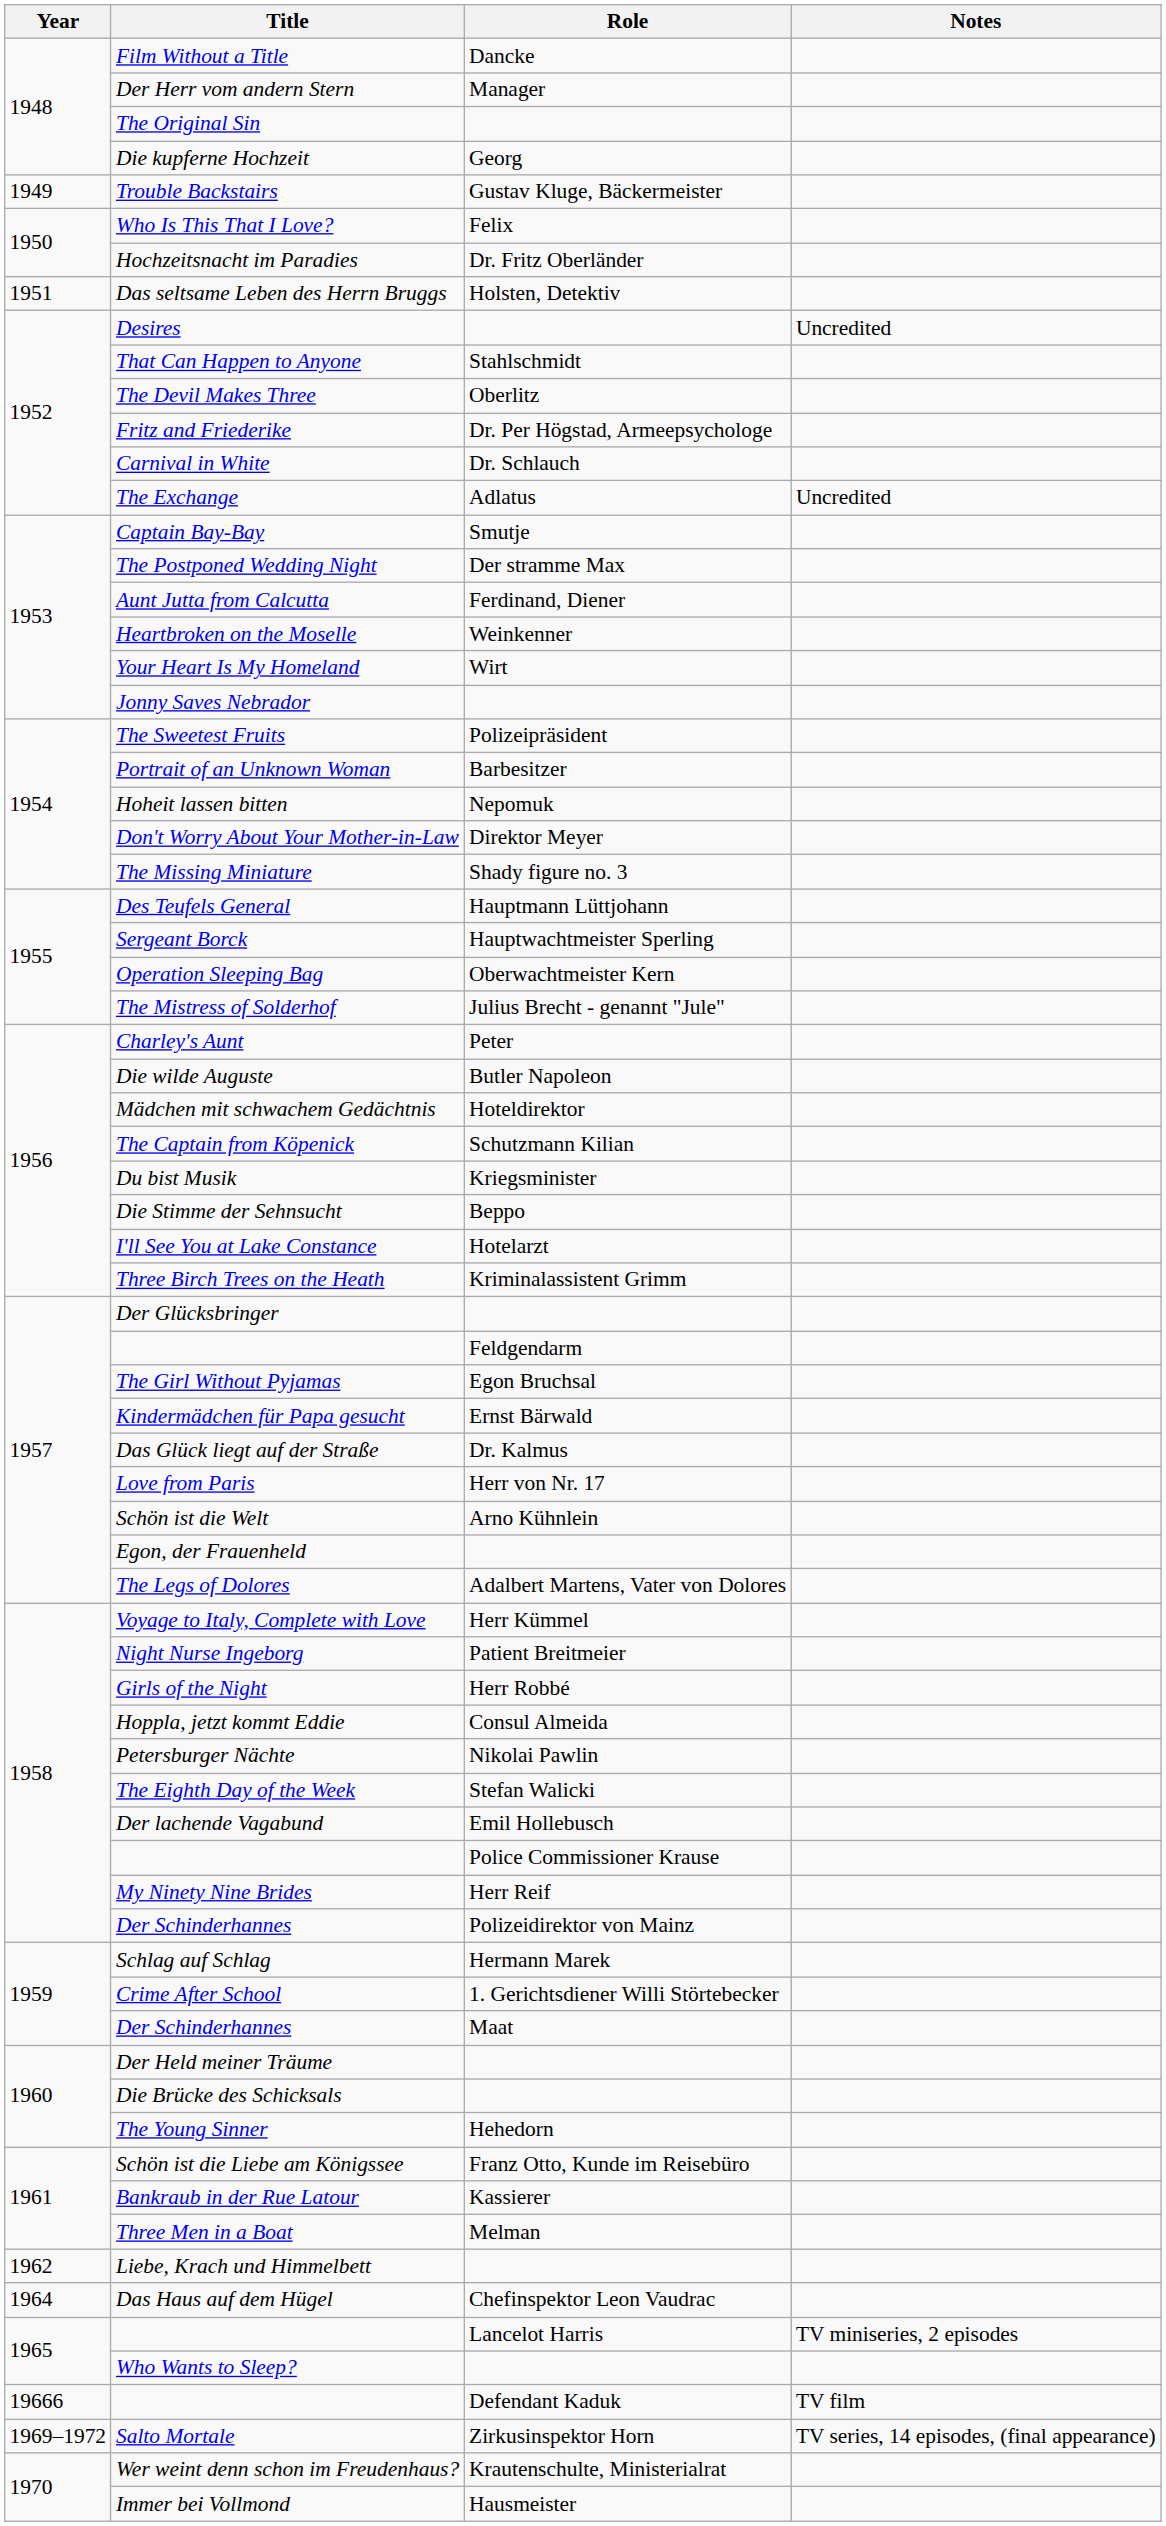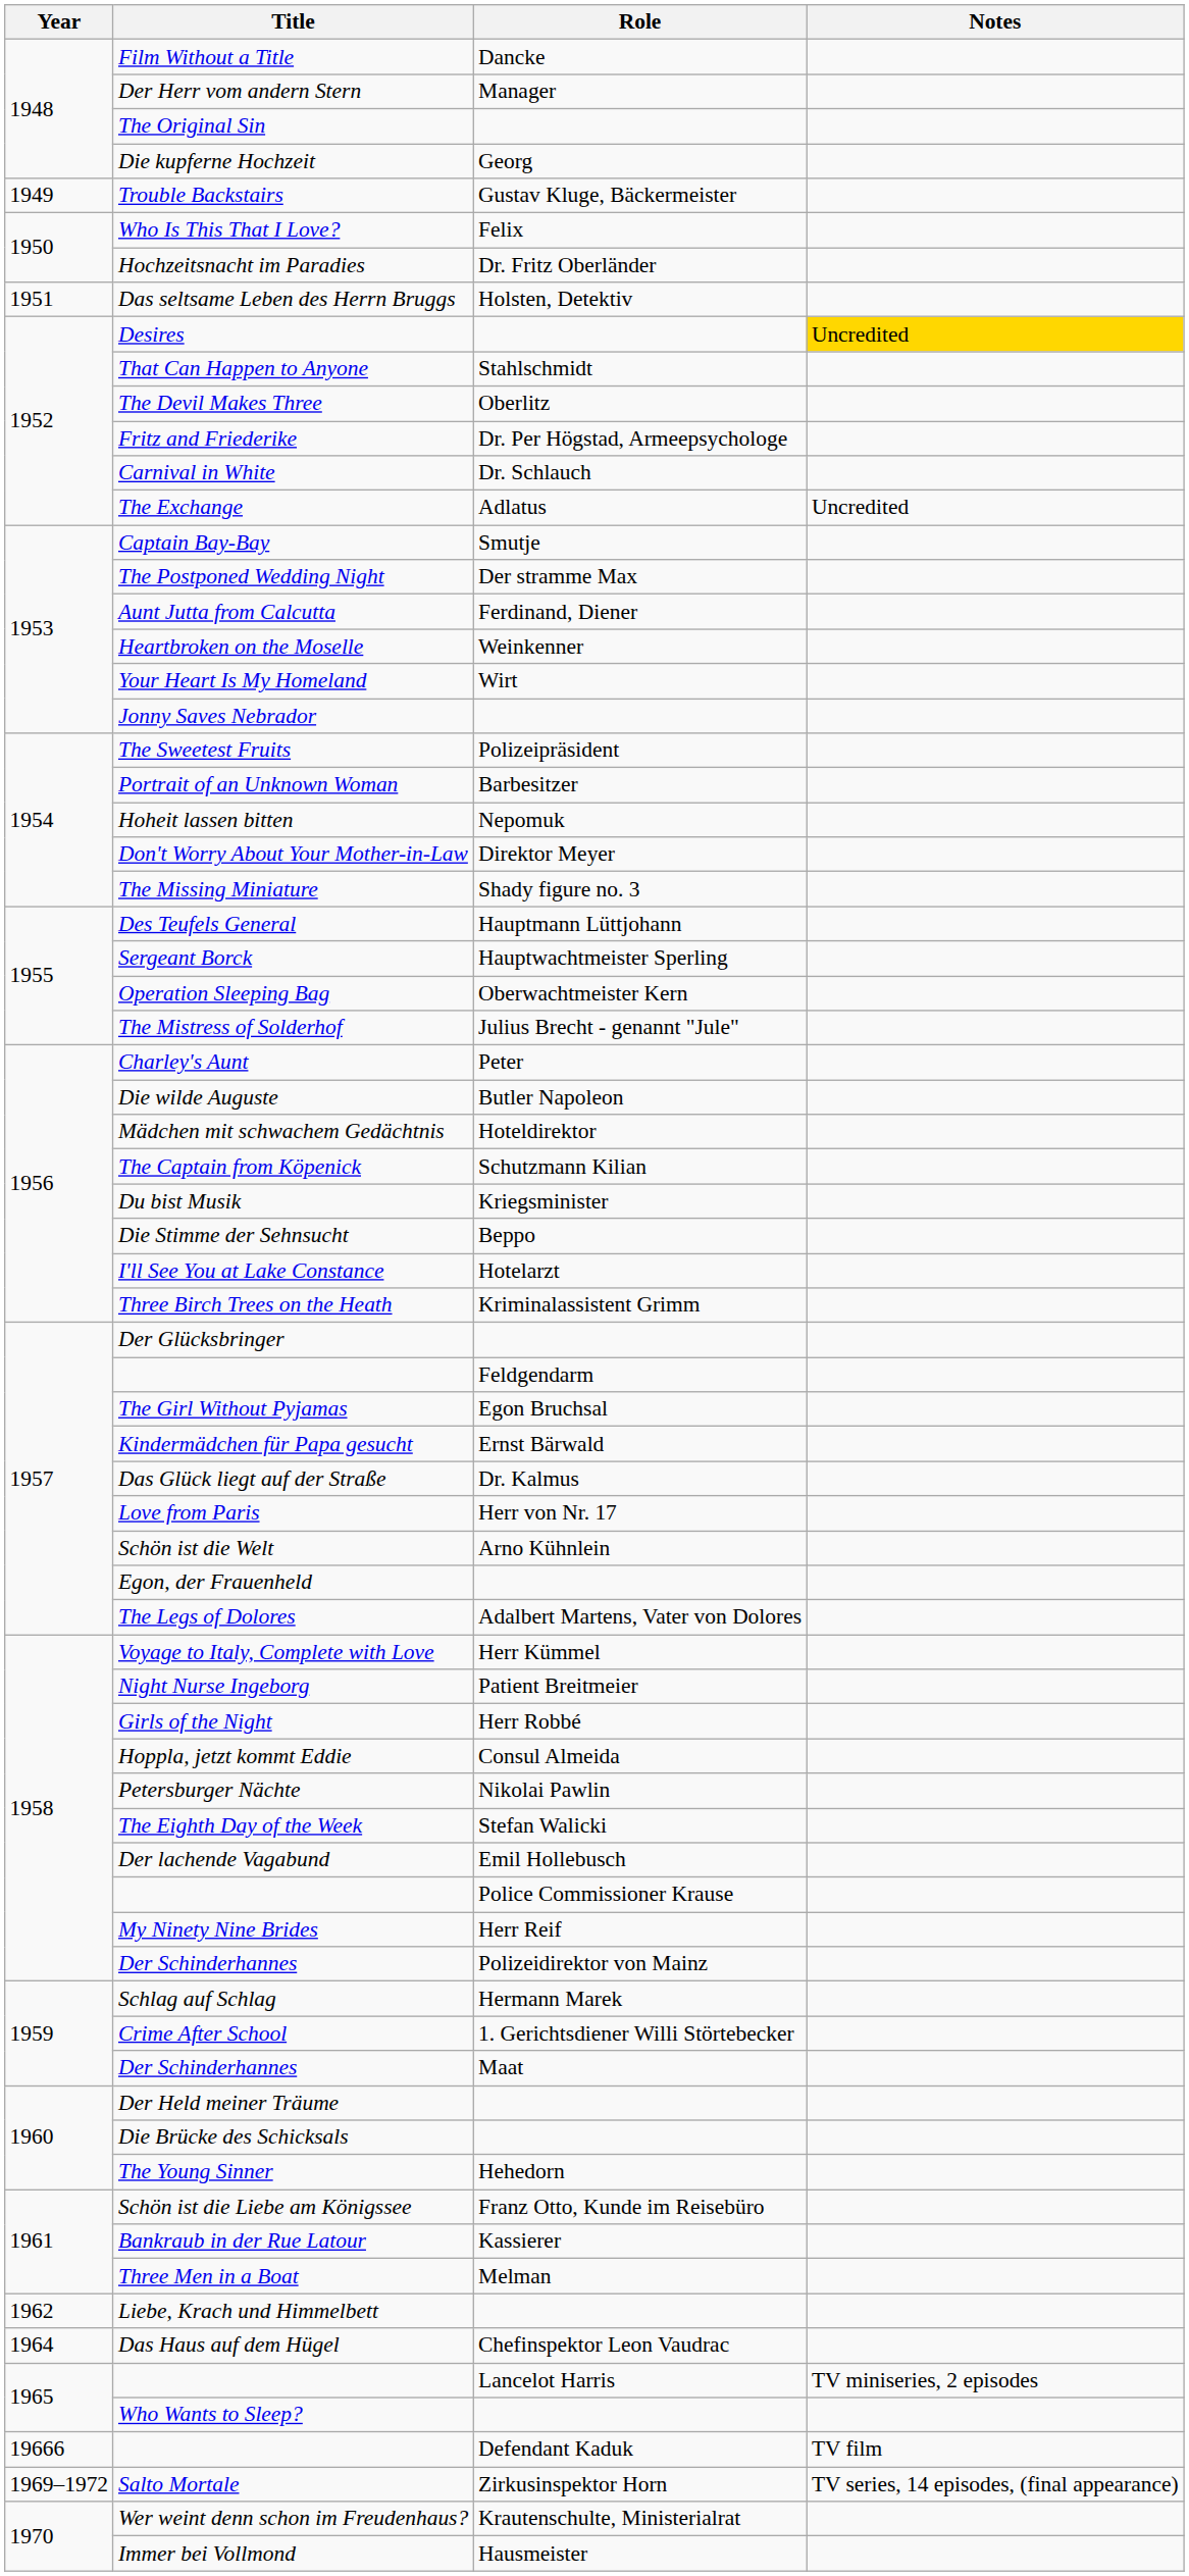 <table class="wikitable sortable">
 <tr>
 <th>Year</th>
 <th>Title</th>
 <th>Role</th>
 <th class="unsortable">Notes</th>
 </tr>
 <tr>
 <td rowspan=4>1948</td>
 <td><em><a href='#'>Film Without a Title</a></em></td>
 <td>Dancke</td>
 <td></td>
 </tr>
 <tr>
 <td><em>Der Herr vom andern Stern</em></td>
 <td>Manager</td>
 <td></td>
 </tr>
 <tr>
 <td><em><a href='#'>The Original Sin</a></em></td>
 <td></td>
 <td></td>
 </tr>
 <tr>
 <td><em>Die kupferne Hochzeit</em></td>
 <td>Georg</td>
 <td></td>
 </tr>
 <tr>
 <td>1949</td>
 <td><em><a href='#'>Trouble Backstairs</a></em></td>
 <td>Gustav Kluge, Bäckermeister</td>
 <td></td>
 </tr>
 <tr>
 <td rowspan=2>1950</td>
 <td><em><a href='#'>Who Is This That I Love?</a></em></td>
 <td>Felix</td>
 <td></td>
 </tr>
 <tr>
 <td><em>Hochzeitsnacht im Paradies</em></td>
 <td>Dr. Fritz Oberländer</td>
 <td></td>
 </tr>
 <tr>
 <td>1951</td>
 <td><em>Das seltsame Leben des Herrn Bruggs</em></td>
 <td>Holsten, Detektiv</td>
 <td></td>
 </tr>
 <tr>
 <td rowspan=6>1952</td>
 <td><em><a href='#'>Desires</a></em></td>
 <td></td>
-<td>Uncredited</td>
+<td style="background: gold;">Uncredited</td>
 </tr>
 <tr>
 <td><em><a href='#'>That Can Happen to Anyone</a></em></td>
 <td>Stahlschmidt</td>
 <td></td>
 </tr>
 <tr>
 <td><em><a href='#'>The Devil Makes Three</a></em></td>
 <td>Oberlitz</td>
 <td></td>
 </tr>
 <tr>
 <td><em><a href='#'>Fritz and Friederike</a></em></td>
 <td>Dr. Per Högstad, Armeepsychologe</td>
 <td></td>
 </tr>
 <tr>
 <td><em><a href='#'>Carnival in White</a></em></td>
 <td>Dr. Schlauch</td>
 <td></td>
 </tr>
 <tr>
 <td><em><a href='#'>The Exchange</a></em></td>
 <td>Adlatus</td>
 <td>Uncredited</td>
 </tr>
 <tr>
 <td rowspan=6>1953</td>
 <td><em><a href='#'>Captain Bay-Bay</a></em></td>
 <td>Smutje</td>
 <td></td>
 </tr>
 <tr>
 <td><em><a href='#'>The Postponed Wedding Night</a></em></td>
 <td>Der stramme Max</td>
 <td></td>
 </tr>
 <tr>
 <td><em><a href='#'>Aunt Jutta from Calcutta</a></em></td>
 <td>Ferdinand, Diener</td>
 <td></td>
 </tr>
 <tr>
 <td><em><a href='#'>Heartbroken on the Moselle</a></em></td>
 <td>Weinkenner</td>
 <td></td>
 </tr>
 <tr>
 <td><em><a href='#'>Your Heart Is My Homeland</a></em></td>
 <td>Wirt</td>
 <td></td>
 </tr>
 <tr>
 <td><em><a href='#'>Jonny Saves Nebrador</a></em></td>
 <td></td>
 <td></td>
 </tr>
 <tr>
 <td rowspan=5>1954</td>
 <td><em><a href='#'>The Sweetest Fruits</a></em></td>
 <td>Polizeipräsident</td>
 <td></td>
 </tr>
 <tr>
 <td><em><a href='#'>Portrait of an Unknown Woman</a></em></td>
 <td>Barbesitzer</td>
 <td></td>
 </tr>
 <tr>
 <td><em>Hoheit lassen bitten</em></td>
 <td>Nepomuk</td>
 <td></td>
 </tr>
 <tr>
 <td><em><a href='#'>Don't Worry About Your Mother-in-Law</a></em></td>
 <td>Direktor Meyer</td>
 <td></td>
 </tr>
 <tr>
 <td><em><a href='#'>The Missing Miniature</a></em></td>
 <td>Shady figure no. 3</td>
 <td></td>
 </tr>
 <tr>
 <td rowspan=4>1955</td>
 <td><em><a href='#'>Des Teufels General</a></em></td>
 <td>Hauptmann Lüttjohann</td>
 <td></td>
 </tr>
 <tr>
 <td><em><a href='#'>Sergeant Borck</a></em></td>
 <td>Hauptwachtmeister Sperling</td>
 <td></td>
 </tr>
 <tr>
 <td><em><a href='#'>Operation Sleeping Bag</a></em></td>
 <td>Oberwachtmeister Kern</td>
 <td></td>
 </tr>
 <tr>
 <td><em><a href='#'>The Mistress of Solderhof</a></em></td>
 <td>Julius Brecht - genannt "Jule"</td>
 <td></td>
 </tr>
 <tr>
 <td rowspan=8>1956</td>
 <td><em><a href='#'>Charley's Aunt</a></em></td>
 <td>Peter</td>
 <td></td>
 </tr>
 <tr>
 <td><em>Die wilde Auguste</em></td>
 <td>Butler Napoleon</td>
 <td></td>
 </tr>
 <tr>
 <td><em>Mädchen mit schwachem Gedächtnis</em></td>
 <td>Hoteldirektor</td>
 <td></td>
 </tr>
 <tr>
 <td><em><a href='#'>The Captain from Köpenick</a></em></td>
 <td>Schutzmann Kilian</td>
 <td></td>
 </tr>
 <tr>
 <td><em>Du bist Musik</em></td>
 <td>Kriegsminister</td>
 <td></td>
 </tr>
 <tr>
 <td><em>Die Stimme der Sehnsucht</em></td>
 <td>Beppo</td>
 <td></td>
 </tr>
 <tr>
 <td><em><a href='#'>I'll See You at Lake Constance</a></em></td>
 <td>Hotelarzt</td>
 <td></td>
 </tr>
 <tr>
 <td><em><a href='#'>Three Birch Trees on the Heath</a></em></td>
 <td>Kriminalassistent Grimm</td>
 <td></td>
 </tr>
 <tr>
 <td rowspan=9>1957</td>
 <td><em>Der Glücksbringer</em></td>
 <td></td>
 <td></td>
 </tr>
 <tr>
 <td><em></em></td>
 <td>Feldgendarm</td>
 <td></td>
 </tr>
 <tr>
 <td><em><a href='#'>The Girl Without Pyjamas</a></em></td>
 <td>Egon Bruchsal</td>
 <td></td>
 </tr>
 <tr>
 <td><em><a href='#'>Kindermädchen für Papa gesucht</a></em></td>
 <td>Ernst Bärwald</td>
 <td></td>
 </tr>
 <tr>
 <td><em>Das Glück liegt auf der Straße</em></td>
 <td>Dr. Kalmus</td>
 <td></td>
 </tr>
 <tr>
 <td><em><a href='#'>Love from Paris</a></em></td>
 <td>Herr von Nr. 17</td>
 <td></td>
 </tr>
 <tr>
 <td><em>Schön ist die Welt</em></td>
 <td>Arno Kühnlein</td>
 <td></td>
 </tr>
 <tr>
 <td><em>Egon, der Frauenheld</em></td>
 <td></td>
 <td></td>
 </tr>
 <tr>
 <td><em><a href='#'>The Legs of Dolores</a></em></td>
 <td>Adalbert Martens, Vater von Dolores</td>
 <td></td>
 </tr>
 <tr>
 <td rowspan=10>1958</td>
 <td><em><a href='#'>Voyage to Italy, Complete with Love</a></em></td>
 <td>Herr Kümmel</td>
 <td></td>
 </tr>
 <tr>
 <td><em><a href='#'>Night Nurse Ingeborg</a></em></td>
 <td>Patient Breitmeier</td>
 <td></td>
 </tr>
 <tr>
 <td><em><a href='#'>Girls of the Night</a></em></td>
 <td>Herr Robbé</td>
 <td></td>
 </tr>
 <tr>
 <td><em>Hoppla, jetzt kommt Eddie</em></td>
 <td>Consul Almeida</td>
 <td></td>
 </tr>
 <tr>
 <td><em>Petersburger Nächte</em></td>
 <td>Nikolai Pawlin</td>
 <td></td>
 </tr>
 <tr>
 <td><em><a href='#'>The Eighth Day of the Week</a></em></td>
 <td>Stefan Walicki</td>
 <td></td>
 </tr>
 <tr>
 <td><em>Der lachende Vagabund</em></td>
 <td>Emil Hollebusch</td>
 <td></td>
 </tr>
 <tr>
 <td><em></em></td>
 <td>Police Commissioner Krause</td>
 <td></td>
 </tr>
 <tr>
 <td><em><a href='#'>My Ninety Nine Brides</a></em></td>
 <td>Herr Reif</td>
 <td></td>
 </tr>
 <tr>
 <td><em><a href='#'>Der Schinderhannes</a></em></td>
 <td>Polizeidirektor von Mainz</td>
 <td></td>
 </tr>
 <tr>
 <td rowspan=3>1959</td>
 <td><em>Schlag auf Schlag</em></td>
 <td>Hermann Marek</td>
 <td></td>
 </tr>
 <tr>
 <td><em><a href='#'>Crime After School</a></em></td>
 <td>1. Gerichtsdiener Willi Störtebecker</td>
 <td></td>
 </tr>
 <tr>
 <td><em><a href='#'>Der Schinderhannes</a></em></td>
 <td>Maat</td>
 <td></td>
 </tr>
 <tr>
 <td rowspan=3>1960</td>
 <td><em>Der Held meiner Träume</em></td>
 <td></td>
 <td></td>
 </tr>
 <tr>
 <td><em>Die Brücke des Schicksals</em></td>
 <td></td>
 <td></td>
 </tr>
 <tr>
 <td><em><a href='#'>The Young Sinner</a></em></td>
 <td>Hehedorn</td>
 <td></td>
 </tr>
 <tr>
 <td rowspan=3>1961</td>
 <td><em>Schön ist die Liebe am Königssee</em></td>
 <td>Franz Otto, Kunde im Reisebüro</td>
 <td></td>
 </tr>
 <tr>
 <td><em><a href='#'>Bankraub in der Rue Latour</a></em></td>
 <td>Kassierer</td>
 <td></td>
 </tr>
 <tr>
 <td><em><a href='#'>Three Men in a Boat</a></em></td>
 <td>Melman</td>
 <td></td>
 </tr>
 <tr>
 <td>1962</td>
 <td><em>Liebe, Krach und Himmelbett</em></td>
 <td></td>
 <td></td>
 </tr>
 <tr>
 <td>1964</td>
 <td><em>Das Haus auf dem Hügel</em></td>
 <td>Chefinspektor Leon Vaudrac</td>
 <td></td>
 </tr>
 <tr>
 <td rowspan=2>1965</td>
 <td><em></em></td>
 <td>Lancelot Harris</td>
 <td>TV miniseries, 2 episodes</td>
 </tr>
 <tr>
 <td><em><a href='#'>Who Wants to Sleep?</a></em></td>
 <td></td>
 <td></td>
 </tr>
 <tr>
 <td>19666</td>
 <td><em></em></td>
 <td>Defendant Kaduk</td>
 <td>TV film</td>
 </tr>
 <tr>
 <td>1969–1972</td>
 <td><em><a href='#'>Salto Mortale</a></em></td>
 <td>Zirkusinspektor Horn</td>
 <td>TV series, 14 episodes, (final appearance)</td>
 </tr>
 <tr>
 <td rowspan=2>1970</td>
 <td><em>Wer weint denn schon im Freudenhaus?</em></td>
 <td>Krautenschulte, Ministerialrat</td>
 <td></td>
 </tr>
 <tr>
 <td><em>Immer bei Vollmond</em></td>
 <td>Hausmeister</td>
 <td></td>
 </tr>
 </table>
